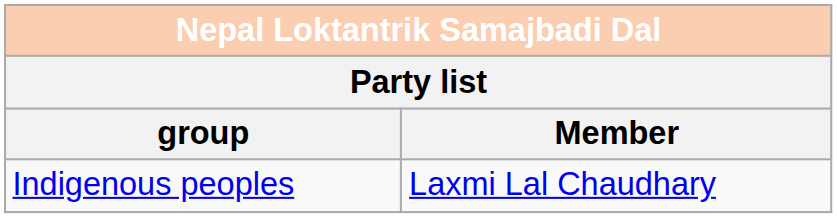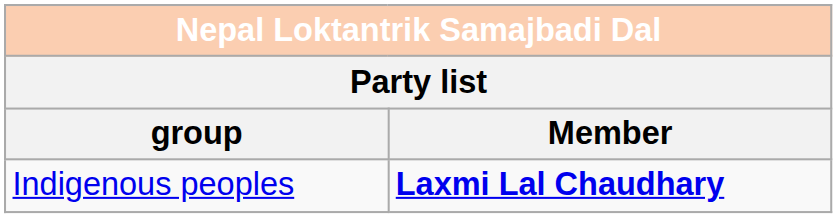 <table role="presentation" class="wikitable mw-collapsible mw-collapsed">
 <tr>
 <th colspan="2" style="width: 300pt; background:#FBCEB1; color: white;">Nepal Loktantrik Samajbadi Dal</th>
 </tr>
 <tr>
 <th colspan="2">Party list</th>
 </tr>
 <tr>
 <th> group</th>
 <th>Member</th>
 </tr>
 <tr>
 <td><a href='#'>Indigenous peoples</a></td>
-<td><a href='#'>Laxmi Lal Chaudhary</a></td>
+<td><strong><a href='#'>Laxmi Lal Chaudhary</a></strong></td>
 </tr>
 </table>
